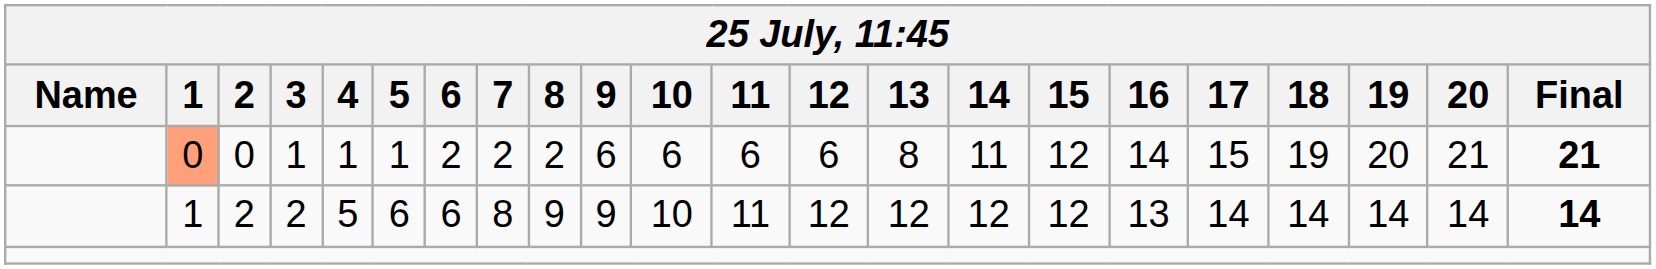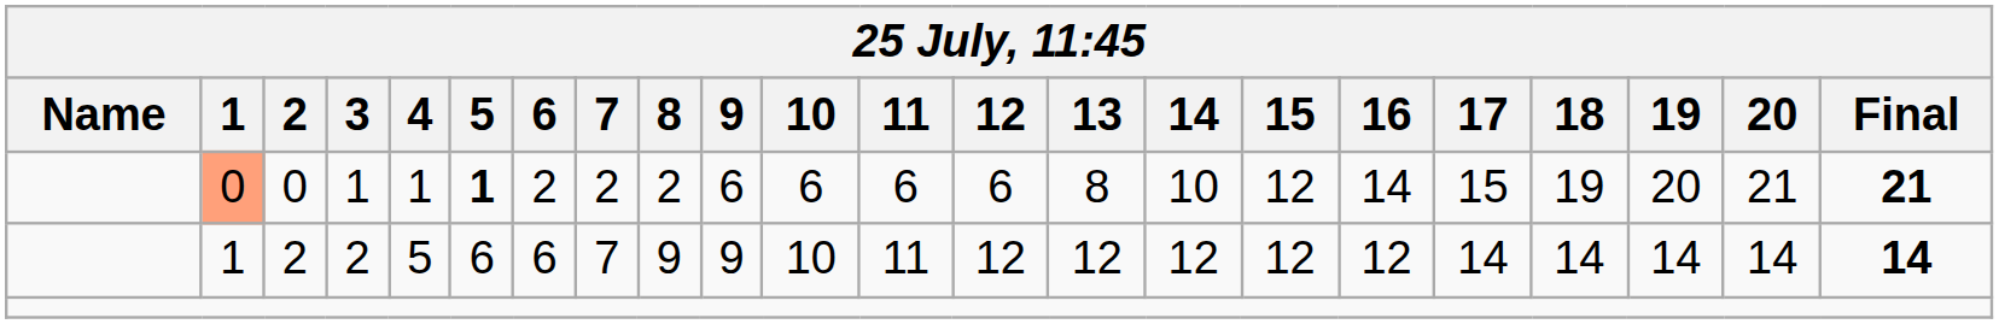 <table class=wikitable style="text-align:center; width: 55%">
 <tr>
 <th colspan=22><em>25 July, 11:45</em></th>
 </tr>
 <tr>
 <th>Name</th>
 <th>1</th>
 <th>2</th>
 <th>3</th>
 <th>4</th>
 <th>5</th>
 <th>6</th>
 <th>7</th>
 <th>8</th>
 <th>9</th>
 <th>10</th>
 <th>11</th>
 <th>12</th>
 <th>13</th>
 <th>14</th>
 <th>15</th>
 <th>16</th>
 <th>17</th>
 <th>18</th>
 <th>19</th>
 <th>20</th>
 <th>Final</th>
 </tr>
 <tr>
 <td align=left><strong></strong></td>
 <td style="background: lightsalmon;">0</td>
 <td>0</td>
 <td>1</td>
 <td>1</td>
-<td>1</td>
+<td><strong>1</strong></td>
 <td>2</td>
 <td>2</td>
 <td>2</td>
 <td>6</td>
 <td>6</td>
 <td>6</td>
 <td>6</td>
 <td>8</td>
-<td>11</td>
+<td>10</td>
 <td>12</td>
 <td>14</td>
 <td>15</td>
 <td>19</td>
 <td>20</td>
 <td>21</td>
 <td><strong>21</strong></td>
 </tr>
 <tr>
 <td align=left></td>
 <td>1</td>
 <td>2</td>
 <td>2</td>
 <td>5</td>
 <td>6</td>
 <td>6</td>
-<td>8</td>
+<td>7</td>
 <td>9</td>
 <td>9</td>
 <td>10</td>
 <td>11</td>
 <td>12</td>
 <td>12</td>
 <td>12</td>
 <td>12</td>
-<td>13</td>
+<td>12</td>
 <td>14</td>
 <td>14</td>
 <td>14</td>
 <td>14</td>
 <td><strong>14</strong></td>
 </tr>
 <tr>
 <td colspan=22></td>
 </tr>
 </table>
